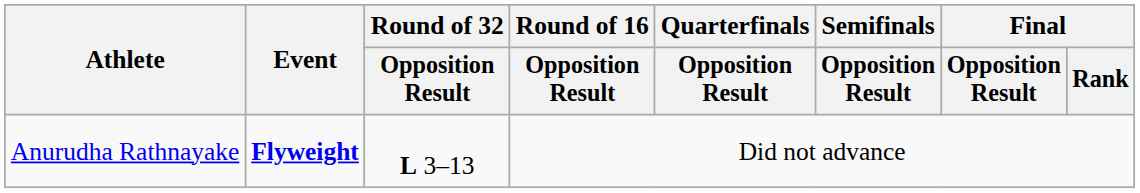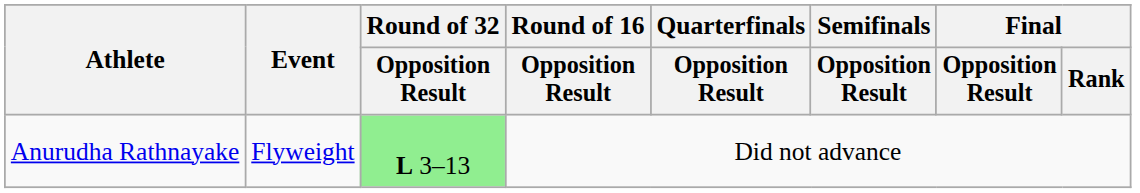 <table class="wikitable" style="font-size:90%">
 <tr>
 <th rowspan="2">Athlete</th>
 <th rowspan="2">Event</th>
 <th>Round of 32</th>
 <th>Round of 16</th>
 <th>Quarterfinals</th>
 <th>Semifinals</th>
 <th colspan=2>Final</th>
 </tr>
 <tr style="font-size:95%">
 <th>Opposition<br>Result</th>
 <th>Opposition<br>Result</th>
 <th>Opposition<br>Result</th>
 <th>Opposition<br>Result</th>
 <th>Opposition<br>Result</th>
 <th>Rank</th>
 </tr>
 <tr align=center>
 <td align=left><a href='#'>Anurudha Rathnayake</a></td>
-<td align=left><strong><a href='#'>Flyweight</a></strong></td>
-<td><br><strong>L</strong> 3–13</td>
+<td align=left><a href='#'>Flyweight</a></td>
+<td style="background: lightgreen;"><br><strong>L</strong> 3–13</td>
 <td colspan=5>Did not advance</td>
 </tr>
 </table>
